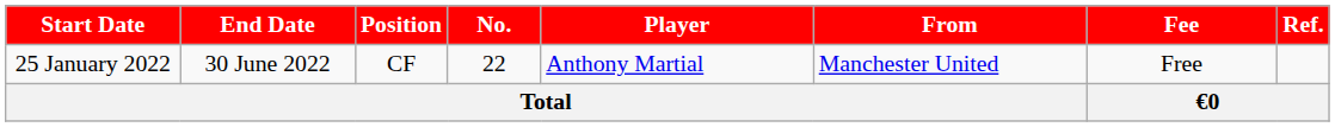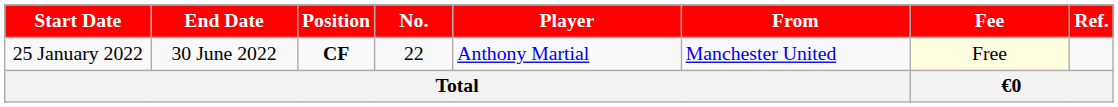 <table class="wikitable" style="text-align:center; font-size:90%; ">
 <tr>
 <th style="background:#FF0000; color:white; width:100px;">Start Date</th>
 <th style="background:#FF0000; color:white; width:100px;">End Date</th>
 <th style="background:#FF0000; color:white; width:50px;">Position</th>
 <th style="background:#FF0000; color:white; width:50px;">No.</th>
 <th style="background:#FF0000; color:white; width:160px;">Player</th>
 <th style="background:#FF0000; color:white; width:160px;">From</th>
 <th style="background:#FF0000; color:white; width:110px;">Fee</th>
 <th style="background:#FF0000; color:white; width:25px;">Ref.</th>
 </tr>
 <tr>
 <td>25 January 2022</td>
 <td>30 June 2022</td>
-<td style="text-align:center;">CF</td>
+<td style="text-align:center;"><strong>CF</strong></td>
 <td style="text-align:center;">22</td>
 <td style="text-align:left;"> <a href='#'>Anthony Martial</a></td>
 <td style="text-align:left;"> <a href='#'>Manchester United</a></td>
-<td>Free</td>
+<td style="background: lightyellow;">Free</td>
 <td></td>
 </tr>
 <tr>
 <th colspan="6">Total</th>
 <th colspan="2">€0</th>
 </tr>
 </table>
